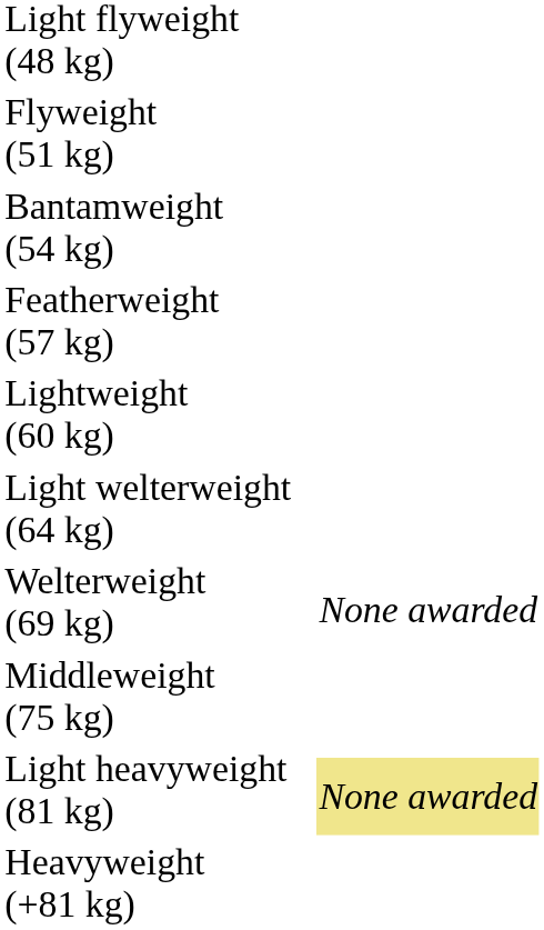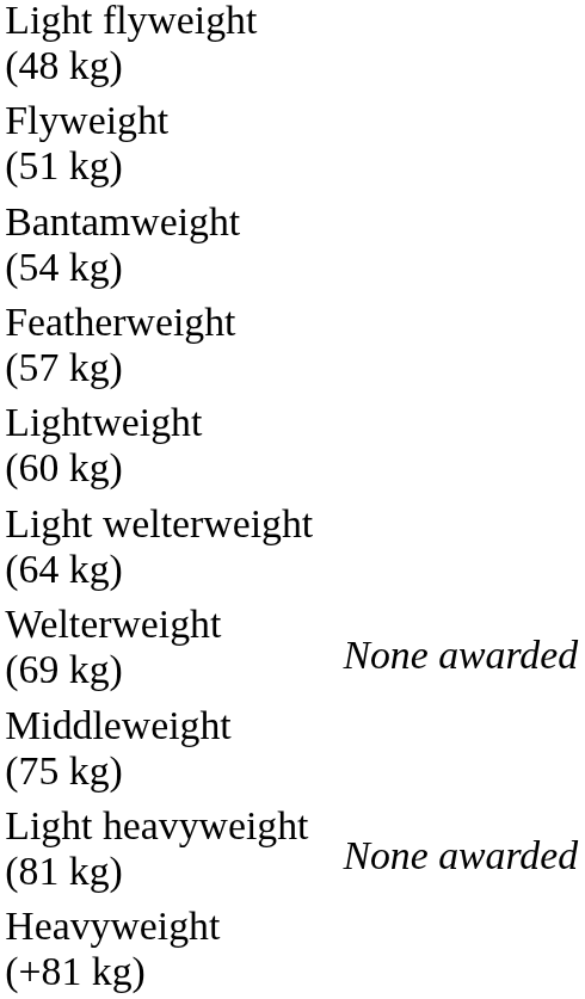 <table>
 <tr>
 <td rowspan=2>Light flyweight<br>(48 kg)</td>
 <td rowspan=2></td>
 <td rowspan=2></td>
 <td></td>
 </tr>
 <tr>
 <td></td>
 </tr>
 <tr>
 <td rowspan=2>Flyweight<br>(51 kg)</td>
 <td rowspan=2></td>
 <td rowspan=2></td>
 <td></td>
 </tr>
 <tr>
 <td></td>
 </tr>
 <tr>
 <td rowspan=2>Bantamweight<br>(54 kg)</td>
 <td rowspan=2></td>
 <td rowspan=2></td>
 <td></td>
 </tr>
 <tr>
 <td></td>
 </tr>
 <tr>
 <td rowspan=2>Featherweight<br>(57 kg)</td>
 <td rowspan=2></td>
 <td rowspan=2></td>
 <td></td>
 </tr>
 <tr>
 <td></td>
 </tr>
 <tr>
 <td rowspan=2>Lightweight<br>(60 kg)</td>
 <td rowspan=2></td>
 <td rowspan=2></td>
 <td></td>
 </tr>
 <tr>
 <td></td>
 </tr>
 <tr>
 <td rowspan=2>Light welterweight<br>(64 kg)</td>
 <td rowspan=2></td>
 <td rowspan=2></td>
 <td></td>
 </tr>
 <tr>
 <td></td>
 </tr>
 <tr>
 <td rowspan=2>Welterweight<br>(69 kg)</td>
 <td rowspan=2></td>
 <td rowspan=2></td>
 <td></td>
 </tr>
 <tr>
 <td><em>None awarded</em></td>
 </tr>
 <tr>
 <td rowspan=2>Middleweight<br>(75 kg)</td>
 <td rowspan=2></td>
 <td rowspan=2></td>
 <td></td>
 </tr>
 <tr>
 <td></td>
 </tr>
 <tr>
 <td rowspan=2>Light heavyweight<br>(81 kg)</td>
 <td rowspan=2></td>
 <td rowspan=2></td>
 <td></td>
 </tr>
 <tr>
-<td style="background: khaki;"><em>None awarded</em></td>
+<td><em>None awarded</em></td>
 </tr>
 <tr>
 <td rowspan=2>Heavyweight<br>(+81 kg)</td>
 <td rowspan=2></td>
 <td rowspan=2></td>
 <td></td>
 </tr>
 <tr>
 <td></td>
 </tr>
 </table>
